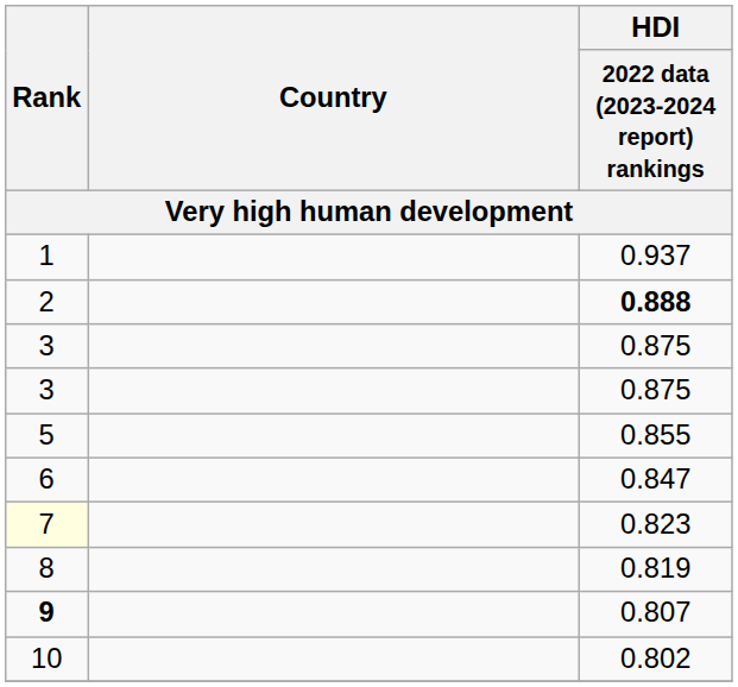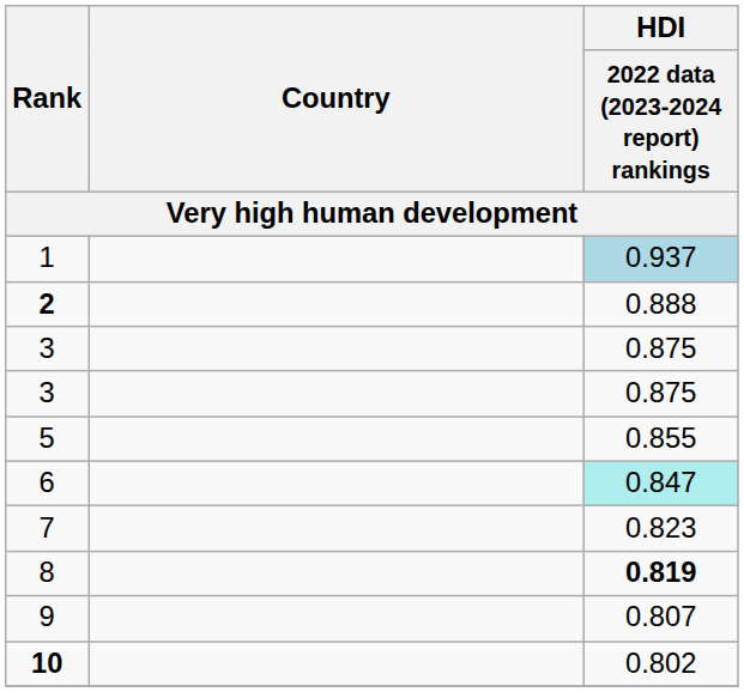 <table class="wikitable sortable" style="text-align:center">
 <tr>
 <th scope="col" rowspan="2">Rank</th>
 <th scope="col" rowspan="2" style="width:17em;">Country</th>
 <th scope="col" colspan="2">HDI</th>
 </tr>
 <tr>
 <th scope="col" style="width:5em;"><small>2022 data (2023-2024 report) rankings</small></th>
 </tr>
 <tr>
 <th scope="row" colspan="4">Very high human development</th>
 </tr>
 <tr>
 <td>1</td>
 <td style="text-align:left"></td>
-<td>0.937</td>
+<td style="background: lightblue;">0.937</td>
 </tr>
 <tr>
-<td>2</td>
+<td><strong>2</strong></td>
 <td style="text-align:left"></td>
-<td><strong>0.888</strong></td>
+<td>0.888</td>
 </tr>
 <tr>
 <td>3</td>
 <td style="text-align:left"></td>
 <td>0.875</td>
 </tr>
 <tr>
 <td>3</td>
 <td style="text-align:left"></td>
 <td>0.875</td>
 </tr>
 <tr>
 <td>5</td>
 <td style="text-align:left"></td>
 <td>0.855</td>
 </tr>
 <tr>
 <td>6</td>
 <td style="text-align:left"></td>
-<td>0.847</td>
+<td style="background: paleturquoise;">0.847</td>
 </tr>
 <tr>
-<td style="background: lightyellow;">7</td>
+<td>7</td>
 <td style="text-align:left"></td>
 <td>0.823</td>
 </tr>
 <tr>
 <td>8</td>
 <td style="text-align:left"></td>
-<td>0.819</td>
+<td><strong>0.819</strong></td>
 </tr>
 <tr>
-<td><strong>9</strong></td>
+<td>9</td>
 <td style="text-align:left"></td>
 <td>0.807</td>
 </tr>
 <tr>
-<td>10</td>
+<td><strong>10</strong></td>
 <td style="text-align:left"></td>
 <td>0.802</td>
 </tr>
 <tr>
 </tr>
 </table>
